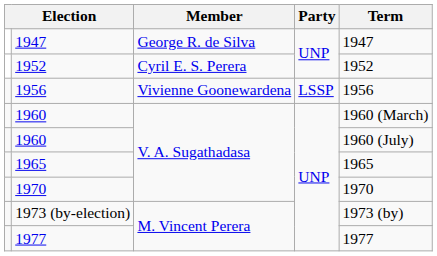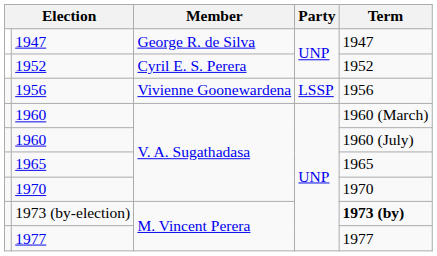 <table class="wikitable">
 <tr>
 <th colspan="2">Election</th>
 <th>Member</th>
 <th>Party</th>
 <th>Term</th>
 </tr>
 <tr>
 <td style="background-color: white"></td>
 <td><a href='#'>1947</a></td>
 <td><a href='#'>George R. de Silva</a></td>
 <td rowspan=2><a href='#'>UNP</a></td>
 <td>1947</td>
 </tr>
 <tr>
 <td style="background-color: white"></td>
 <td><a href='#'>1952</a></td>
 <td><a href='#'>Cyril E. S. Perera</a></td>
 <td>1952</td>
 </tr>
 <tr>
 <td style="background-color: "></td>
 <td><a href='#'>1956</a></td>
 <td><a href='#'>Vivienne Goonewardena</a></td>
 <td><a href='#'>LSSP</a></td>
 <td>1956</td>
 </tr>
 <tr>
 <td style="background-color: "></td>
 <td><a href='#'>1960</a></td>
 <td rowspan=4><a href='#'>V. A. Sugathadasa</a></td>
 <td rowspan=6><a href='#'>UNP</a></td>
 <td>1960 (March)</td>
 </tr>
 <tr>
 <td style="background-color: "></td>
 <td><a href='#'>1960</a></td>
 <td>1960 (July)</td>
 </tr>
 <tr>
 <td style="background-color: "></td>
 <td><a href='#'>1965</a></td>
 <td>1965</td>
 </tr>
 <tr>
 <td style="background-color: "></td>
 <td><a href='#'>1970</a></td>
 <td>1970</td>
 </tr>
 <tr>
 <td style="background-color: "></td>
 <td>1973 (by-election)</td>
 <td rowspan=2><a href='#'>M. Vincent Perera</a></td>
-<td>1973 (by)</td>
+<td><strong>1973 (by)</strong></td>
 </tr>
 <tr>
 <td style="background-color: "></td>
 <td><a href='#'>1977</a></td>
 <td>1977</td>
 </tr>
 </table>
